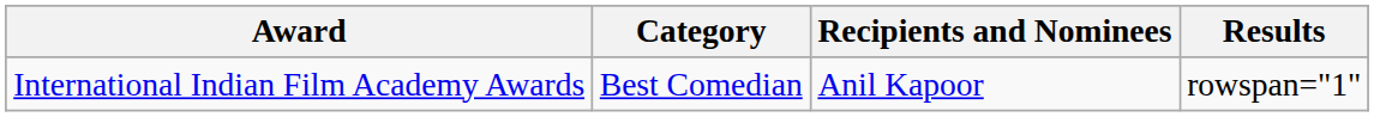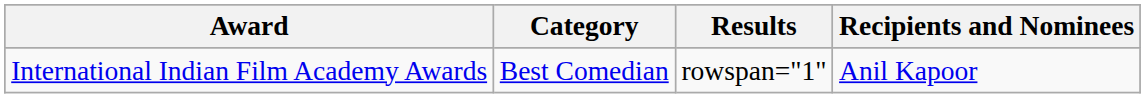 <table class="wikitable plainrowheaders sortable">
 <tr>
 <th>Award</th>
 <th>Category</th>
+<th>Results</th>
 <th>Recipients and Nominees</th>
-<th>Results</th>
 </tr>
 <tr>
 <td rowspan="1"><a href='#'>International Indian Film Academy Awards</a></td>
 <td><a href='#'>Best Comedian</a></td>
+<td>rowspan="1" </td>
 <td><a href='#'>Anil Kapoor</a></td>
-<td>rowspan="1" </td>
 </tr>
 </table>
